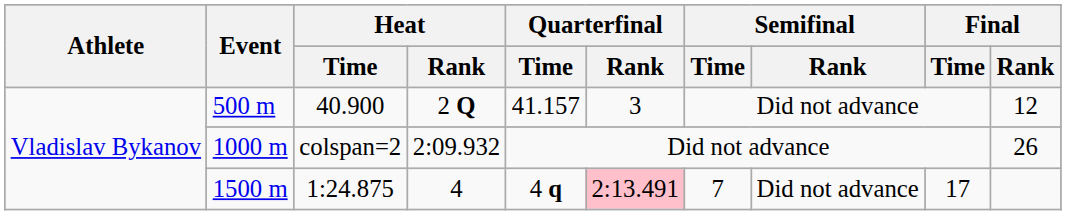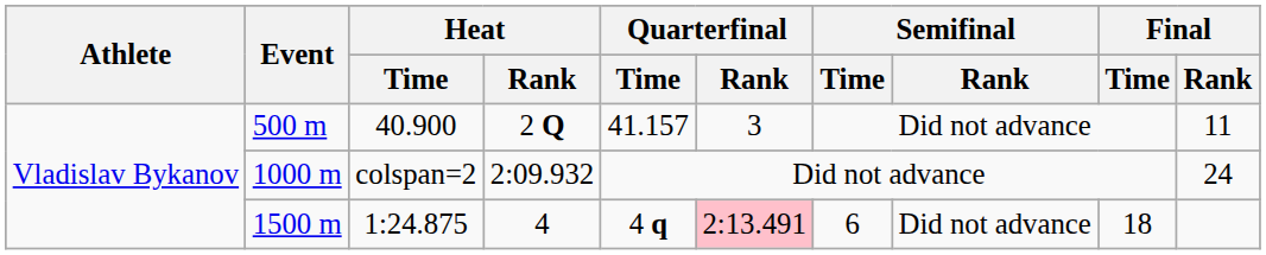 <table class="wikitable" style="font-size:90%">
 <tr>
 <th rowspan="2">Athlete</th>
 <th rowspan="2">Event</th>
 <th colspan="2">Heat</th>
 <th colspan="2">Quarterfinal</th>
 <th colspan="2">Semifinal</th>
 <th colspan="2">Final</th>
 </tr>
 <tr>
 <th>Time</th>
 <th>Rank</th>
 <th>Time</th>
 <th>Rank</th>
 <th>Time</th>
 <th>Rank</th>
 <th>Time</th>
 <th>Rank</th>
 </tr>
 <tr align=center>
 <td align=left rowspan=3><a href='#'>Vladislav Bykanov</a></td>
 <td align=left><a href='#'>500 m</a></td>
 <td>40.900</td>
 <td>2 <strong>Q</strong></td>
 <td>41.157</td>
 <td>3</td>
 <td colspan=3>Did not advance</td>
-<td>12</td>
+<td>11</td>
 </tr>
 <tr align=center>
 <td align=left><a href='#'>1000 m</a></td>
 <td>colspan=2 </td>
 <td>2:09.932</td>
 <td colspan=5>Did not advance</td>
-<td>26</td>
+<td>24</td>
 </tr>
 <tr align=center>
 <td align=left><a href='#'>1500 m</a></td>
 <td>1:24.875</td>
 <td>4</td>
 <td>4 <strong>q</strong></td>
 <td style="background: pink;">2:13.491</td>
-<td>7</td>
+<td>6</td>
 <td>Did not advance</td>
-<td>17</td>
+<td>18</td>
 </tr>
 </table>
